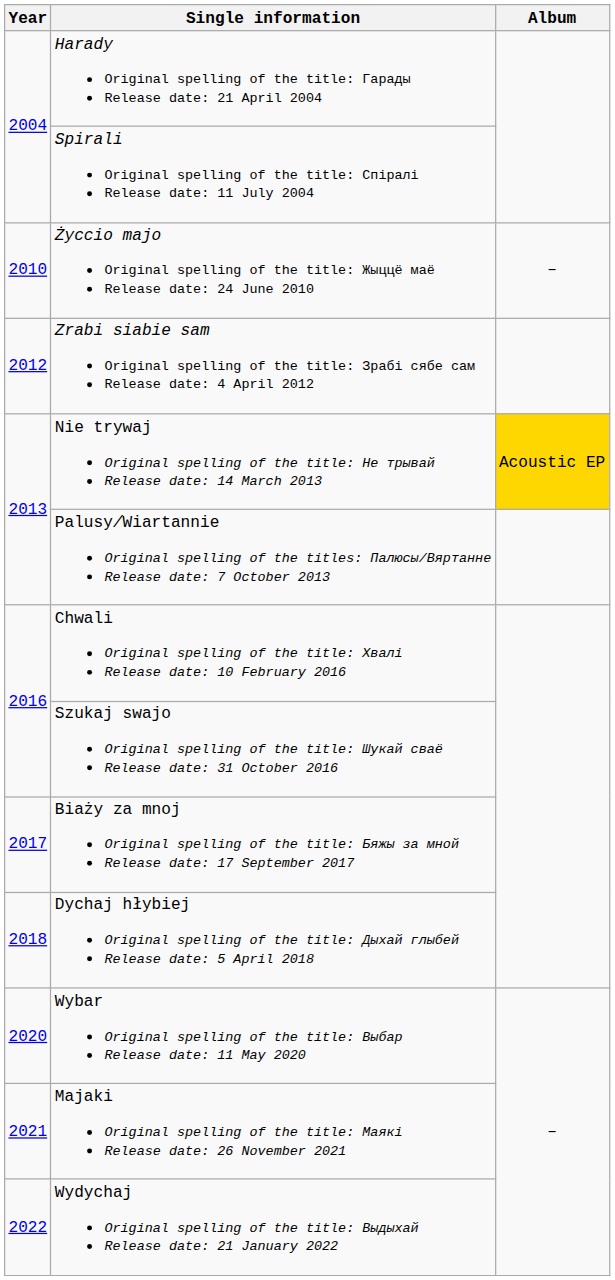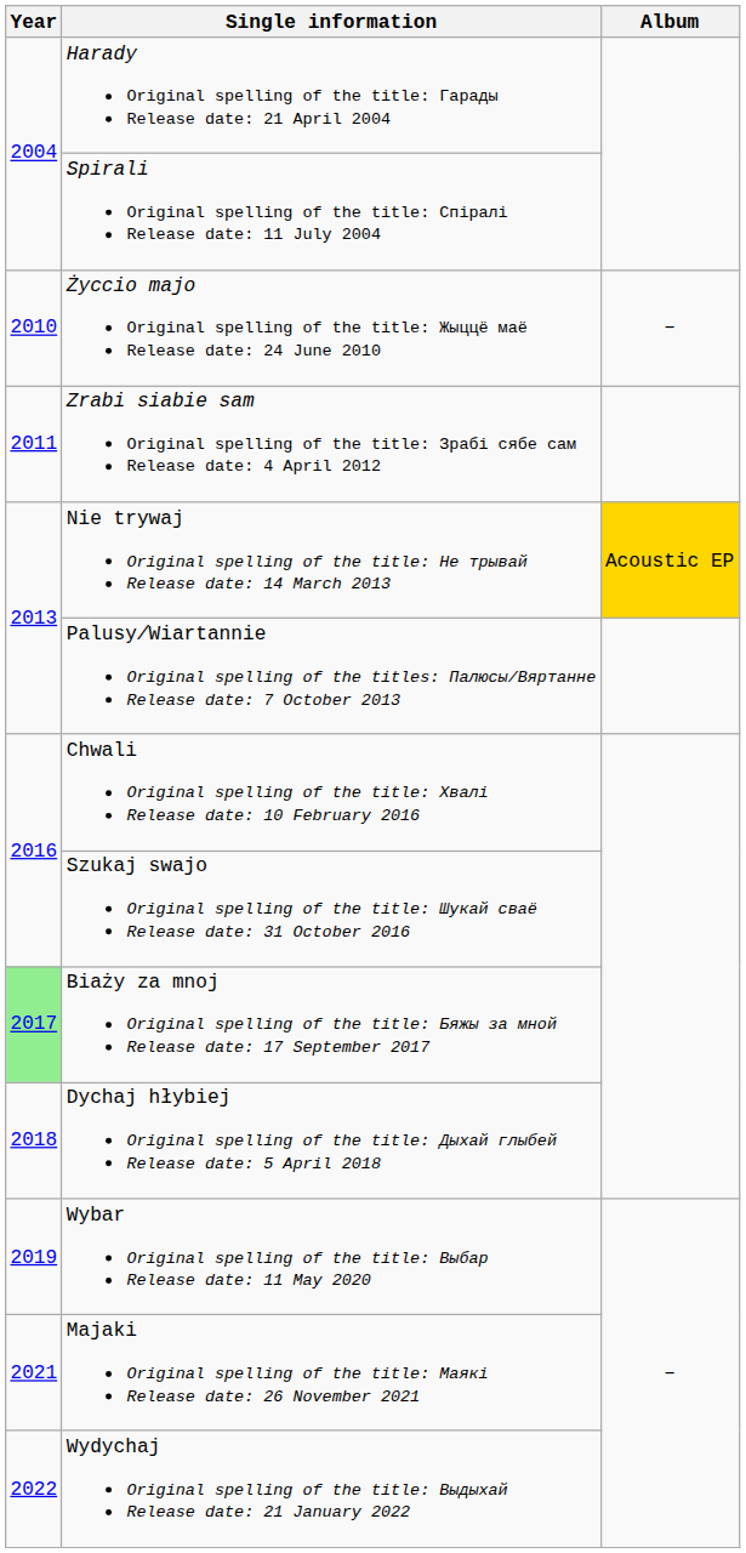 <table class="wikitable">
 <tr>
 <th>Year</th>
 <th>Single information</th>
 <th>Album</th>
 </tr>
 <tr>
 <td rowspan="2" align="center"><a href='#'>2004</a></td>
 <td><em>Harady</em><br><ul><li><small>Original spelling of the title: Гарады</small></li><li><small>Release date: 21 April 2004</small></li></ul></td>
 <td rowspan="2"><strong><em></em></strong></td>
 </tr>
 <tr>
 <td><em>Spirali</em><br><ul><li><small>Original spelling of the title: Спіралі</small></li><li><small>Release date: 11 July 2004</small></li></ul></td>
 </tr>
 <tr>
 <td align="center"><a href='#'>2010</a></td>
 <td><em>Życcio majo</em><br><ul><li><small>Original spelling of the title: Жыццё маё</small></li><li><small>Release date: 24 June 2010</small></li></ul></td>
 <td align="center">–</td>
 </tr>
 <tr>
-<td align="center"><a href='#'>2012</a></td>
+<td align="center"><a href='#'>2011</a></td>
 <td><em>Zrabi siabie sam</em><br><ul><li><small>Original spelling of the title: Зрабі сябе сам</small></li><li><small>Release date: 4 April 2012</small></li></ul></td>
 <td><strong><em><strong><em></td>
 </tr>
 <tr>
 <td rowspan="2" align="center"><a href='#'>2013</a></td>
 <td></em>Nie trywaj<em><br><ul><li><small>Original spelling of the title: Не трывай</small></li><li><small>Release date: 14 March 2013</small></li></ul></td>
 <td style="background: gold;"></em>Acoustic EP<em></td>
 </tr>
 <tr>
 <td></em>Palusy<em>/</em>Wiartannie<em><br><ul><li><small>Original spelling of the titles: Палюсы/Вяртанне</small></li><li><small>Release date: 7 October 2013</small></li></ul></td>
 <td></em></strong><strong><em></td>
 </tr>
 <tr>
 <td rowspan="2" align="center"><a href='#'>2016</a></td>
 <td></em>Chwali<em><br><ul><li><small>Original spelling of the title: Хвалі</small></li><li><small>Release date: 10 February 2016</small></li></ul></td>
 <td rowspan="4"></em></strong><strong><em></td>
 </tr>
 <tr>
 <td></em>Szukaj swajo<em><br><ul><li><small>Original spelling of the title: Шукай сваё</small></li><li><small>Release date: 31 October 2016</small></li></ul></td>
 </tr>
 <tr>
-<td align="center"><a href='#'>2017</a></td>
+<td align="center" style="background: lightgreen;"><a href='#'>2017</a></td>
 <td></em>Biaży za mnoj<em><br><ul><li><small>Original spelling of the title: Бяжы за мной</small></li><li><small>Release date: 17 September 2017</small></li></ul></td>
 </tr>
 <tr>
 <td align="center"><a href='#'>2018</a></td>
 <td></em>Dychaj hłybiej<em><br><ul><li><small>Original spelling of the title: Дыхай глыбей</small></li><li><small>Release date: 5 April 2018</small></li></ul></td>
 </tr>
 <tr>
-<td><a href='#'>2020</a></td>
+<td><a href='#'>2019</a></td>
 <td></em>Wybar<em><br><ul><li><small>Original spelling of the title: Выбар</small></li><li><small>Release date: 11 May 2020</small></li></ul></td>
 <td rowspan="3" align="center">–</td>
 </tr>
 <tr>
 <td><a href='#'>2021</a></td>
 <td></em>Majaki<em><br><ul><li><small>Original spelling of the title: Маякі</small></li><li><small>Release date: 26 November 2021</small></li></ul></td>
 </tr>
 <tr>
 <td><a href='#'>2022</a></td>
 <td></em>Wydychaj<em><br><ul><li><small>Original spelling of the title: Выдыхай</small></li><li><small>Release date: 21 January 2022</small></li></ul></td>
 </tr>
 </table>
